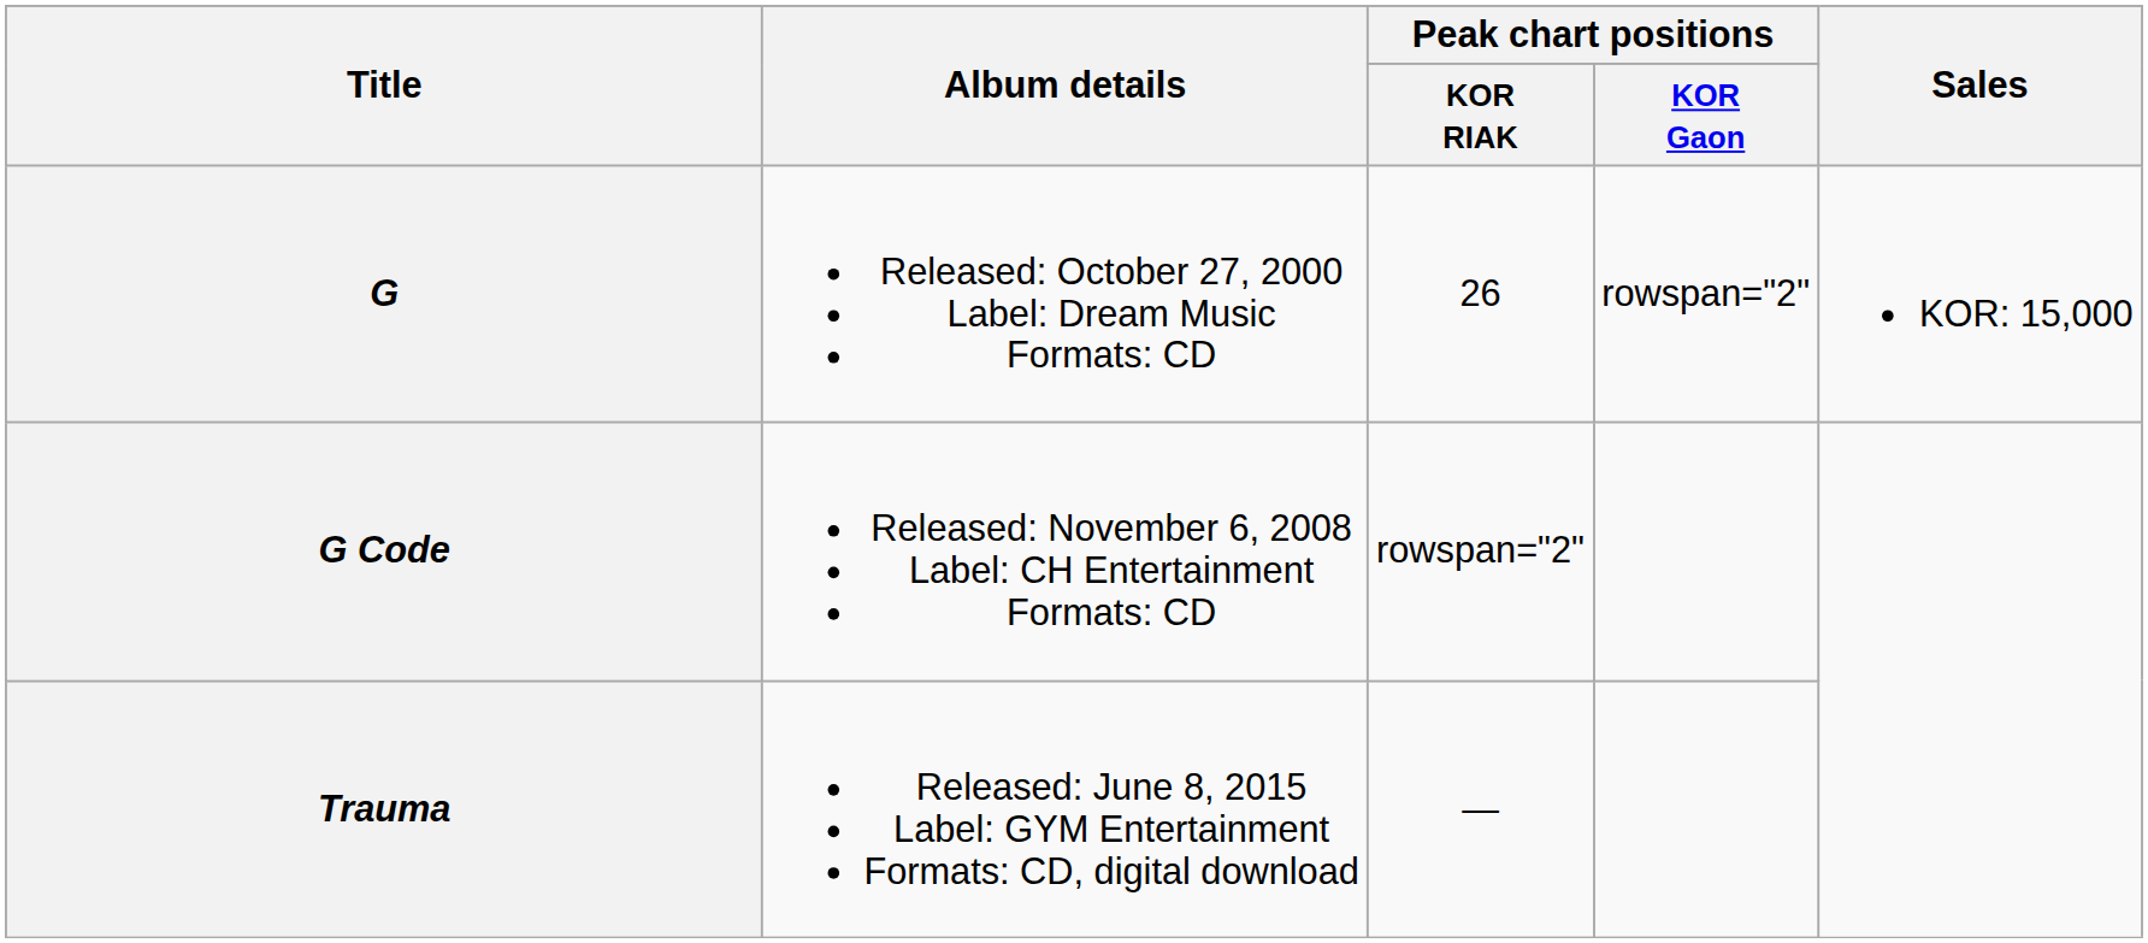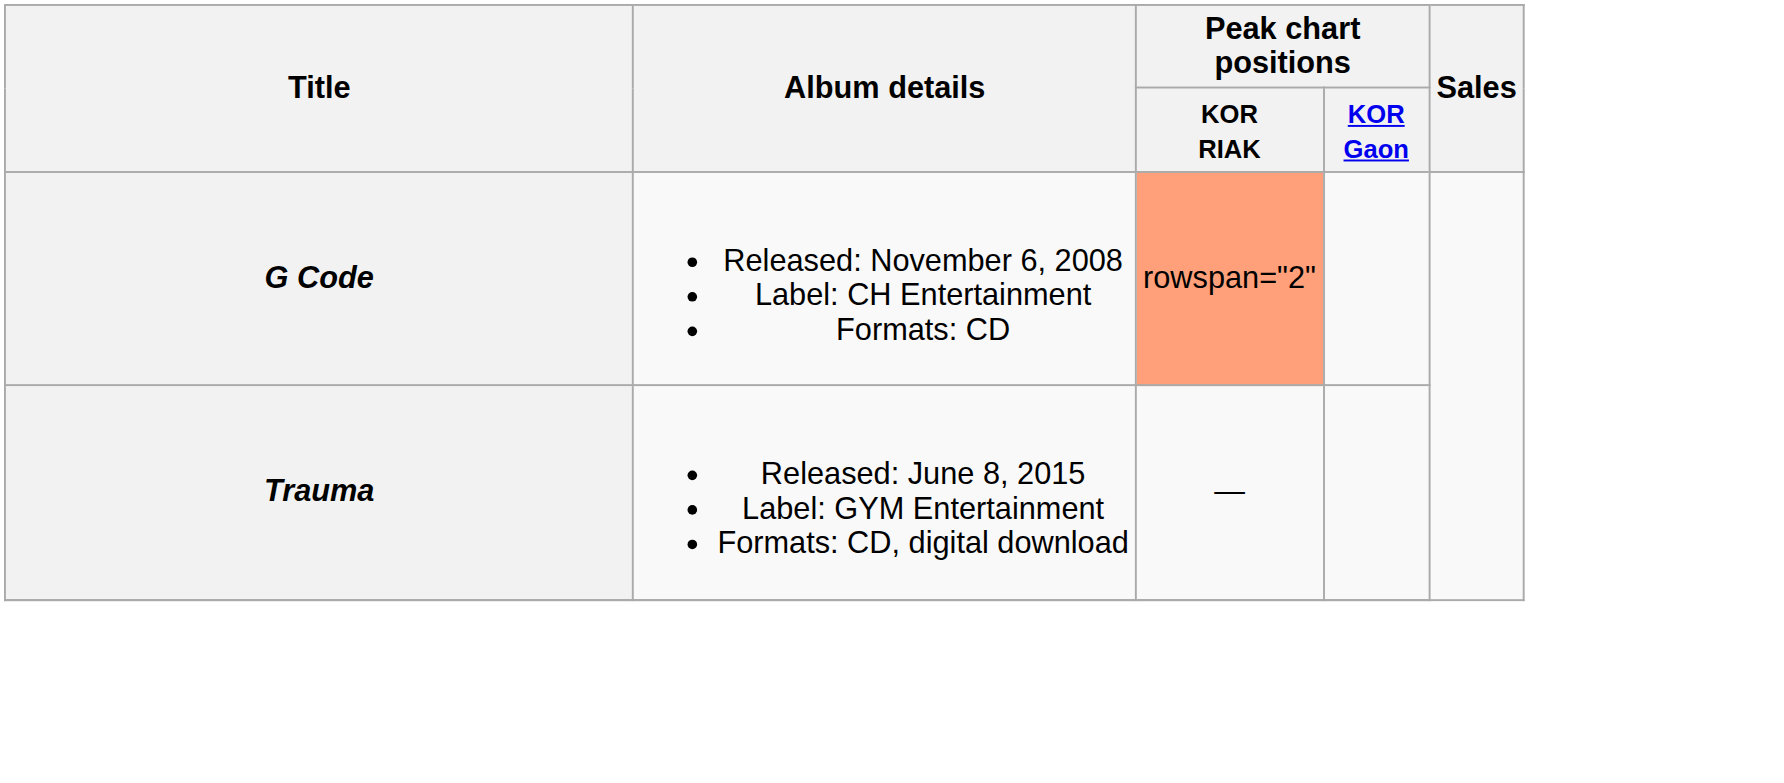 <table class="wikitable plainrowheaders" style="text-align:center;">
 <tr>
 <th rowspan="2" scope="col" style="width:20em;">Title</th>
 <th rowspan="2" scope="col">Album details</th>
 <th colspan="2" scope="col">Peak chart positions</th>
 <th rowspan="2" scope="col">Sales</th>
 </tr>
 <tr>
 <th style="width:3em;"><small>KOR<br>RIAK</small><br></th>
 <th style="width:3em;"><small><a href='#'>KOR<br>Gaon</a></small><br></th>
 </tr>
 <tr>
-<th scope="row"><em>G</em></th>
-<td><br><ul><li>Released: October 27, 2000</li><li>Label: Dream Music</li><li>Formats: CD</li></ul></td>
-<td>26</td>
-<td>rowspan="2" </td>
-<td><br><ul><li>KOR: 15,000</li></ul></td>
-</tr>
-<tr>
 <th scope="row"><em>G Code</em></th>
 <td><br><ul><li>Released: November 6, 2008</li><li>Label: CH Entertainment</li><li>Formats: CD</li></ul></td>
-<td>rowspan="2" </td>
+<td style="background: lightsalmon;">rowspan="2" </td>
 <td></td>
 </tr>
 <tr>
 <th scope="row"><em>Trauma</em></th>
 <td><br><ul><li>Released: June 8, 2015</li><li>Label: GYM Entertainment</li><li>Formats: CD, digital download</li></ul></td>
 <td>—</td>
 <td></td>
 </tr>
 <tr>
 </tr>
 </table>
